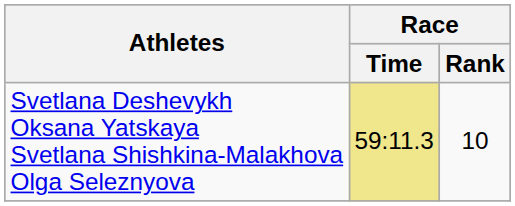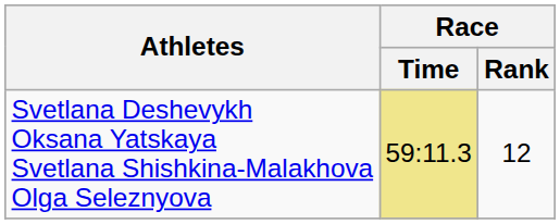 <table class="wikitable" style="font-size:90%">
 <tr>
 <th rowspan=2>Athletes</th>
 <th colspan=2>Race</th>
 </tr>
 <tr>
 <th>Time</th>
 <th>Rank</th>
 </tr>
 <tr>
 <td><a href='#'>Svetlana Deshevykh</a><br><a href='#'>Oksana Yatskaya</a><br><a href='#'>Svetlana Shishkina-Malakhova</a><br><a href='#'>Olga Seleznyova</a></td>
 <td align=center style="background: khaki;">59:11.3</td>
-<td align=center>10</td>
+<td align=center>12</td>
 </tr>
 </table>
